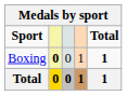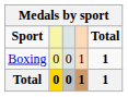 <table class="wikitable" style="font-size:85%; text-align:center">
 <tr style="background:#efefef;">
 <th colspan="7"><strong>Medals by sport</strong></th>
 </tr>
 <tr>
 <td><strong>Sport</strong></td>
 <td bgcolor="#F7F6A8"></td>
 <td bgcolor="#DCE5E5"></td>
 <td bgcolor="#FFDAB9"></td>
 <td><strong>Total</strong></td>
 </tr>
 <tr>
 <td><a href='#'>Boxing</a></td>
-<td style="background:#F7F6A8;"><strong>0</strong></td>
+<td style="background:#F7F6A8;">0</td>
 <td style="background:#DCE5E5;">0</td>
 <td style="background:#FFDAB9;">1</td>
 <td><strong>1</strong></td>
 </tr>
 <tr>
 <th><strong>Total</strong></th>
 <th style="background:gold;"><strong>0</strong></th>
 <th style="background:silver;"><strong>0</strong></th>
 <th style="background:#c96;"><strong>1</strong></th>
 <th><strong>1</strong></th>
 </tr>
 </table>
